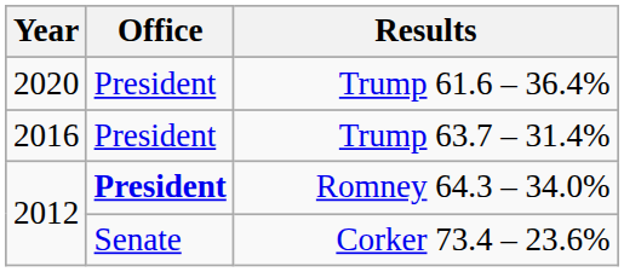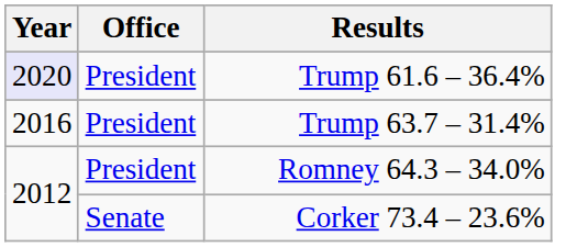 <table class=wikitable>
 <tr>
 <th width="30">Year</th>
 <th width="60">Office</th>
 <th width="180">Results</th>
 </tr>
 <tr>
-<td>2020</td>
+<td style="background: lavender;">2020</td>
 <td><a href='#'>President</a></td>
 <td align="right" ><a href='#'>Trump</a> 61.6 – 36.4%</td>
 </tr>
 <tr>
 <td>2016</td>
 <td><a href='#'>President</a></td>
 <td align="right" ><a href='#'>Trump</a> 63.7 – 31.4%</td>
 </tr>
 <tr>
 <td rowspan="2">2012</td>
-<td><strong><a href='#'>President</a></strong></td>
+<td><a href='#'>President</a></td>
 <td align="right" ><a href='#'>Romney</a> 64.3 – 34.0%</td>
 </tr>
 <tr>
 <td><a href='#'>Senate</a></td>
 <td align="right" ><a href='#'>Corker</a> 73.4 – 23.6%</td>
 </tr>
 </table>
